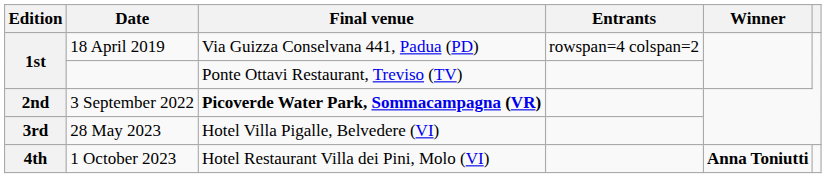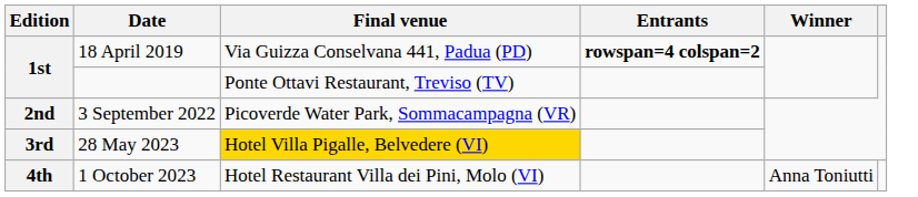 <table class="wikitable defaultcenter col2left col3left col5left" style="font-size:95%;">
 <tr>
 <th>Edition</th>
 <th>Date</th>
 <th>Final venue</th>
 <th>Entrants</th>
 <th>Winner</th>
 <th></th>
 </tr>
 <tr>
 <th rowspan=2>1st</th>
 <td>18 April 2019</td>
 <td>Via Guizza Conselvana 441, <a href='#'>Padua</a> (<a href='#'>PD</a>)</td>
-<td>rowspan=4 colspan=2 </td>
+<td><strong>rowspan=4 colspan=2 </strong></td>
 <td rowspan=2></td>
 </tr>
 <tr>
 <td></td>
 <td>Ponte Ottavi Restaurant, <a href='#'>Treviso</a> (<a href='#'>TV</a>)</td>
 </tr>
 <tr>
 <th>2nd</th>
 <td>3 September 2022</td>
-<td><strong>Picoverde Water Park, <a href='#'>Sommacampagna</a> (<a href='#'>VR</a>)</strong></td>
+<td>Picoverde Water Park, <a href='#'>Sommacampagna</a> (<a href='#'>VR</a>)</td>
 <td></td>
 </tr>
 <tr>
 <th>3rd</th>
 <td>28 May 2023</td>
-<td>Hotel Villa Pigalle, Belvedere (<a href='#'>VI</a>)</td>
+<td style="background: gold;">Hotel Villa Pigalle, Belvedere (<a href='#'>VI</a>)</td>
 <td></td>
 </tr>
 <tr>
 <th>4th</th>
 <td>1 October 2023</td>
 <td>Hotel Restaurant Villa dei Pini, Molo (<a href='#'>VI</a>)</td>
 <td></td>
-<td><strong>Anna Toniutti</strong></td>
+<td>Anna Toniutti</td>
 <td></td>
 </tr>
 </table>
